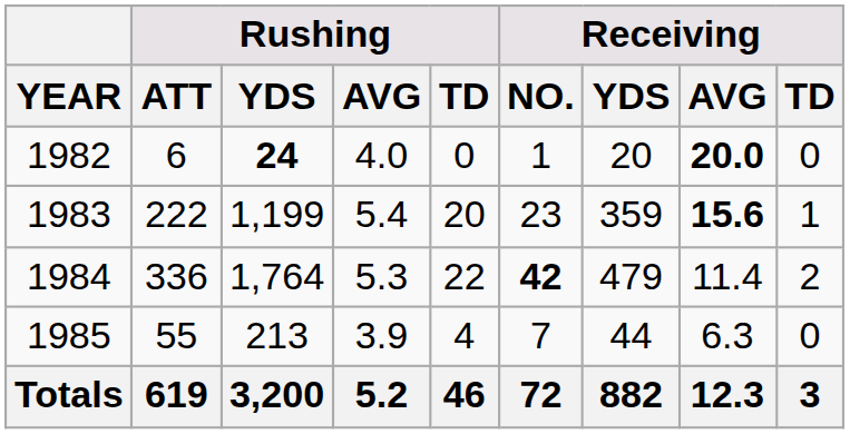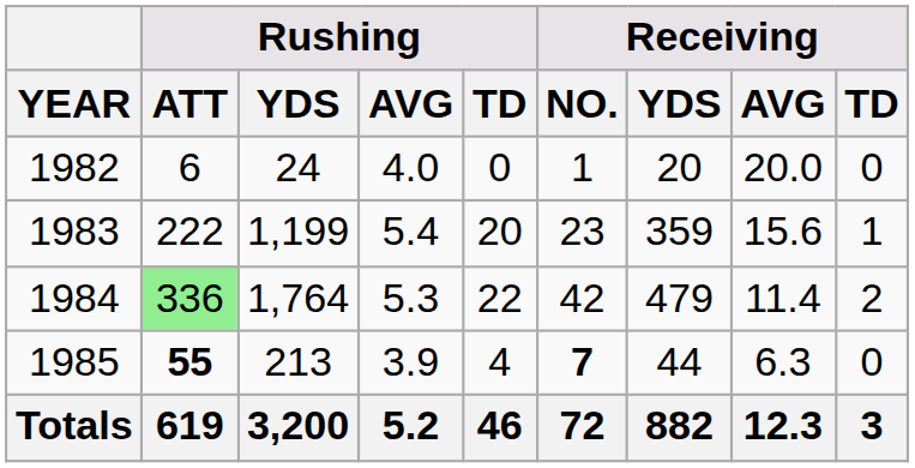 <table class=wikitable style="text-align:center">
 <tr>
 <th></th>
 <th colspan="4" style="background:#e7e3e7;">Rushing</th>
 <th colspan="4" style="background:#e7e3e7;">Receiving</th>
 </tr>
 <tr>
 <th>YEAR</th>
 <th>ATT</th>
 <th>YDS</th>
 <th>AVG</th>
 <th>TD</th>
 <th>NO.</th>
 <th>YDS</th>
 <th>AVG</th>
 <th>TD</th>
 </tr>
 <tr>
 <td>1982</td>
 <td>6</td>
-<td><strong>24</strong></td>
+<td>24</td>
 <td>4.0</td>
 <td>0</td>
 <td>1</td>
 <td>20</td>
-<td><strong>20.0</strong></td>
+<td>20.0</td>
 <td>0</td>
 </tr>
 <tr>
 <td>1983</td>
 <td>222</td>
 <td>1,199</td>
 <td>5.4</td>
 <td>20</td>
 <td>23</td>
 <td>359</td>
-<td><strong>15.6</strong></td>
+<td>15.6</td>
 <td>1</td>
 </tr>
 <tr>
 <td>1984</td>
-<td>336</td>
+<td style="background: lightgreen;">336</td>
 <td>1,764</td>
 <td>5.3</td>
 <td>22</td>
-<td><strong>42</strong></td>
+<td>42</td>
 <td>479</td>
 <td>11.4</td>
 <td>2</td>
 </tr>
 <tr>
 <td>1985</td>
-<td>55</td>
+<td><strong>55</strong></td>
 <td>213</td>
 <td>3.9</td>
 <td>4</td>
-<td>7</td>
+<td><strong>7</strong></td>
 <td>44</td>
 <td>6.3</td>
 <td>0</td>
 </tr>
 <tr>
 <th>Totals</th>
 <th>619</th>
 <th>3,200</th>
 <th>5.2</th>
 <th>46</th>
 <th>72</th>
 <th>882</th>
 <th>12.3</th>
 <th>3</th>
 </tr>
 </table>
